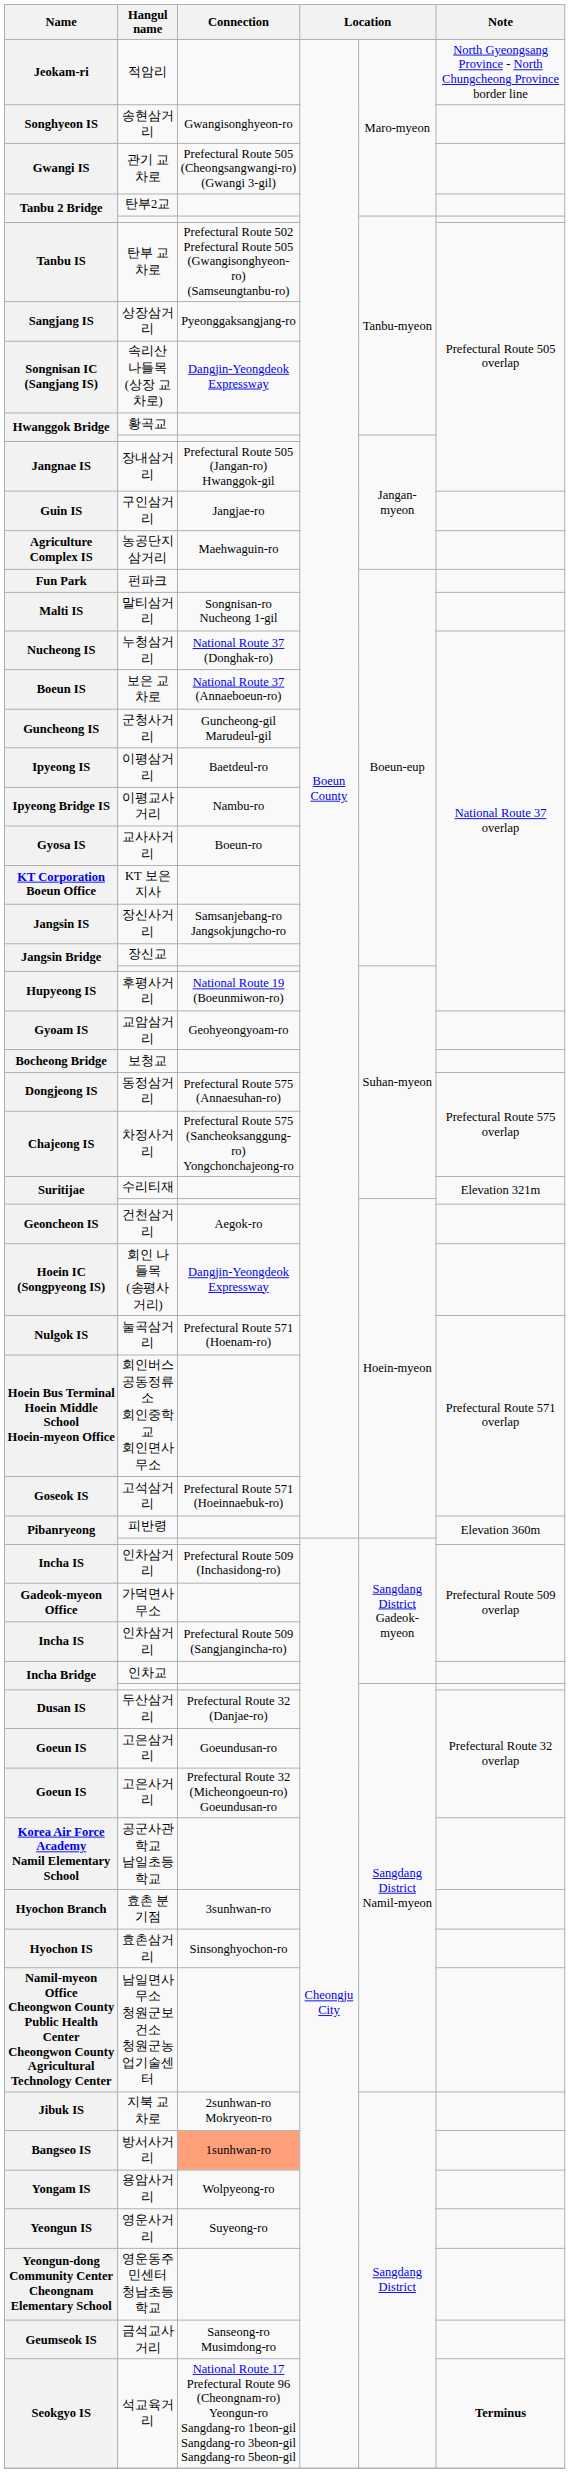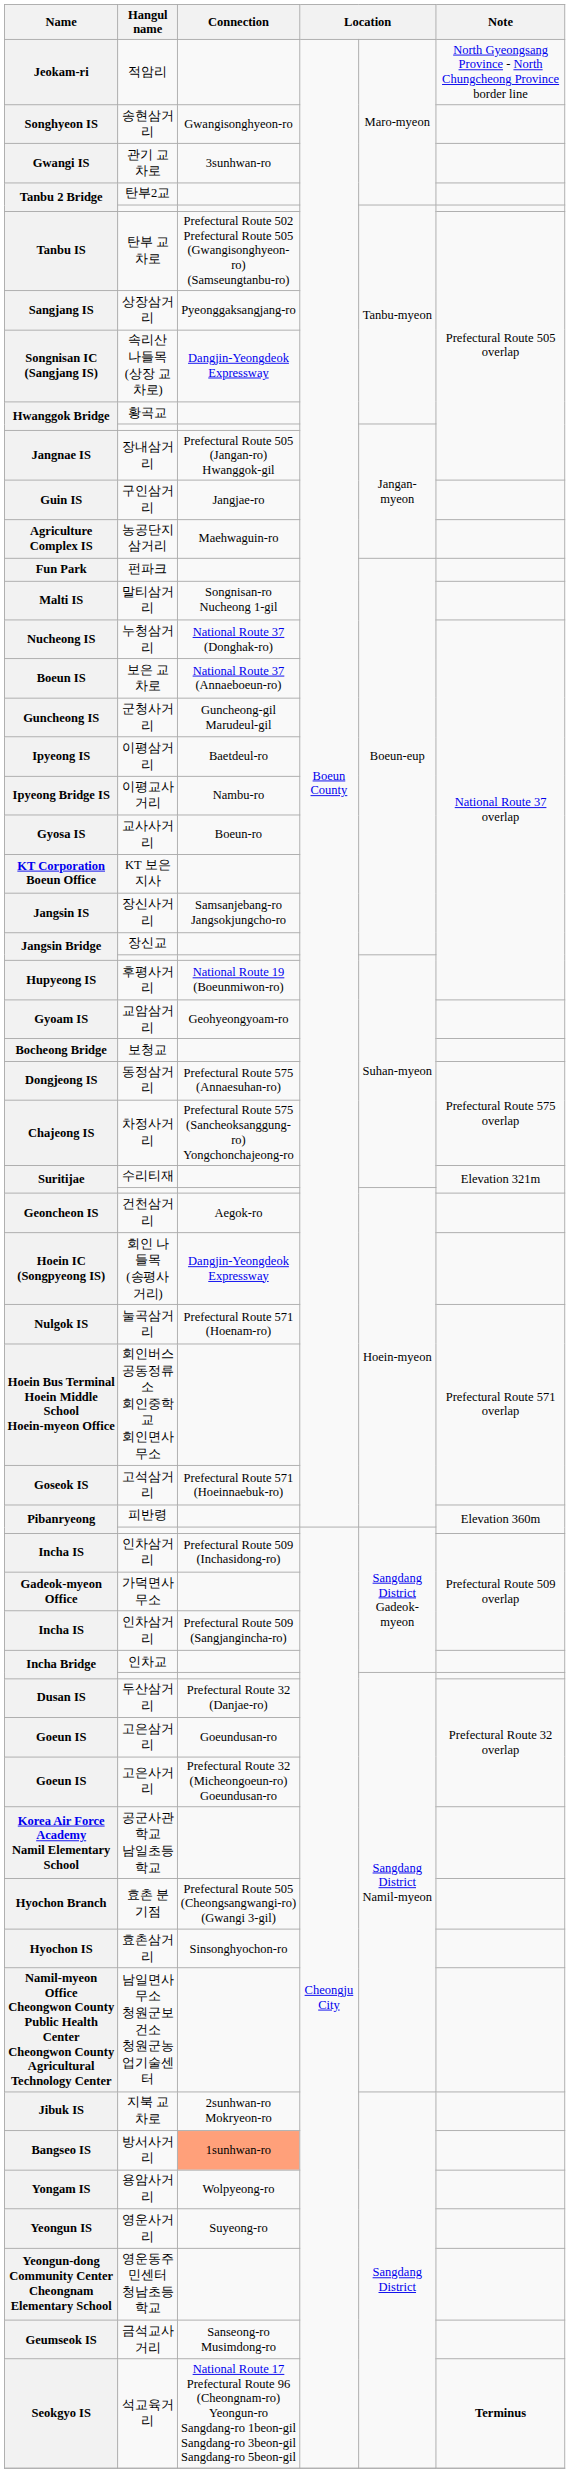 <table class="wikitable" style="font-size: 85%; text-align: center;">
 <tr>
 <th>Name </th>
 <th>Hangul name</th>
 <th>Connection</th>
 <th colspan="2">Location</th>
 <th>Note</th>
 </tr>
 <tr>
 <th>Jeokam-ri</th>
 <td>적암리</td>
 <td></td>
 <td rowspan=38><a href='#'>Boeun County</a></td>
 <td rowspan=4>Maro-myeon</td>
 <td><a href='#'>North Gyeongsang Province</a> - <a href='#'>North Chungcheong Province</a> border line</td>
 </tr>
 <tr>
 <th>Songhyeon IS</th>
 <td>송현삼거리</td>
 <td>Gwangisonghyeon-ro</td>
 <td></td>
 </tr>
 <tr>
 <th>Gwangi IS</th>
 <td>관기 교차로</td>
-<td>Prefectural Route 505<br>(Cheongsangwangi-ro)<br>(Gwangi 3-gil)</td>
+<td>3sunhwan-ro</td>
 <td></td>
 </tr>
 <tr>
 <th rowspan=2>Tanbu 2 Bridge</th>
 <td>탄부2교</td>
 <td></td>
 <td></td>
 </tr>
 <tr>
 <td></td>
 <td></td>
 <td rowspan=5>Tanbu-myeon</td>
 <td></td>
 </tr>
 <tr>
 <th>Tanbu IS</th>
 <td>탄부 교차로</td>
 <td>Prefectural Route 502<br>Prefectural Route 505<br>(Gwangisonghyeon-ro)<br>(Samseungtanbu-ro)</td>
 <td rowspan=6>Prefectural Route 505 overlap</td>
 </tr>
 <tr>
 <th>Sangjang IS</th>
 <td>상장삼거리</td>
 <td>Pyeonggaksangjang-ro</td>
 </tr>
 <tr>
 <th>Songnisan IC<br>(Sangjang IS)</th>
 <td>속리산 나들목<br>(상장 교차로)</td>
 <td><a href='#'>Dangjin-Yeongdeok Expressway</a></td>
 </tr>
 <tr>
 <th rowspan=2>Hwanggok Bridge</th>
 <td>황곡교</td>
 <td></td>
 </tr>
 <tr>
 <td></td>
 <td></td>
 <td rowspan=4>Jangan-myeon</td>
 </tr>
 <tr>
 <th>Jangnae IS</th>
 <td>장내삼거리</td>
 <td>Prefectural Route 505<br>(Jangan-ro)<br>Hwanggok-gil</td>
 </tr>
 <tr>
 <th>Guin IS</th>
 <td>구인삼거리</td>
 <td>Jangjae-ro</td>
 <td></td>
 </tr>
 <tr>
 <th>Agriculture Complex IS</th>
 <td>농공단지삼거리</td>
 <td>Maehwaguin-ro</td>
 <td></td>
 </tr>
 <tr>
 <th>Fun Park</th>
 <td>펀파크</td>
 <td></td>
 <td rowspan=11>Boeun-eup</td>
 <td></td>
 </tr>
 <tr>
 <th>Malti IS</th>
 <td>말티삼거리</td>
 <td>Songnisan-ro<br>Nucheong 1-gil</td>
 <td></td>
 </tr>
 <tr>
 <th>Nucheong IS</th>
 <td>누청삼거리</td>
 <td><a href='#'>National Route 37</a><br>(Donghak-ro)</td>
 <td rowspan=11><a href='#'>National Route 37</a> overlap</td>
 </tr>
 <tr>
 <th>Boeun IS</th>
 <td>보은 교차로</td>
 <td><a href='#'>National Route 37</a><br>(Annaeboeun-ro)</td>
 </tr>
 <tr>
 <th>Guncheong IS</th>
 <td>군청사거리</td>
 <td>Guncheong-gil<br>Marudeul-gil</td>
 </tr>
 <tr>
 <th>Ipyeong IS</th>
 <td>이평삼거리</td>
 <td>Baetdeul-ro</td>
 </tr>
 <tr>
 <th>Ipyeong Bridge IS</th>
 <td>이평교사거리</td>
 <td>Nambu-ro</td>
 </tr>
 <tr>
 <th>Gyosa IS</th>
 <td>교사사거리</td>
 <td>Boeun-ro</td>
 </tr>
 <tr>
 <th><a href='#'>KT Corporation</a> Boeun Office</th>
 <td>KT 보은지사</td>
 <td></td>
 </tr>
 <tr>
 <th>Jangsin IS</th>
 <td>장신사거리</td>
 <td>Samsanjebang-ro<br>Jangsokjungcho-ro</td>
 </tr>
 <tr>
 <th rowspan=2>Jangsin Bridge</th>
 <td>장신교</td>
 <td></td>
 </tr>
 <tr>
 <td></td>
 <td></td>
 <td rowspan=7>Suhan-myeon</td>
 </tr>
 <tr>
 <th>Hupyeong IS</th>
 <td>후평사거리</td>
 <td><a href='#'>National Route 19</a><br>(Boeunmiwon-ro)</td>
 </tr>
 <tr>
 <th>Gyoam IS</th>
 <td>교암삼거리</td>
 <td>Geohyeongyoam-ro</td>
 <td></td>
 </tr>
 <tr>
 <th>Bocheong Bridge</th>
 <td>보청교</td>
 <td></td>
 <td></td>
 </tr>
 <tr>
 <th>Dongjeong IS</th>
 <td>동정삼거리</td>
 <td>Prefectural Route 575<br>(Annaesuhan-ro)</td>
 <td rowspan=2>Prefectural Route 575 overlap</td>
 </tr>
 <tr>
 <th>Chajeong IS</th>
 <td>차정사거리</td>
 <td>Prefectural Route 575<br>(Sancheoksanggung-ro)<br>Yongchonchajeong-ro</td>
 </tr>
 <tr>
 <th rowspan=2>Suritijae</th>
 <td>수리티재</td>
 <td></td>
 <td rowspan=2>Elevation 321m</td>
 </tr>
 <tr>
 <td></td>
 <td></td>
 <td rowspan=7>Hoein-myeon</td>
 </tr>
 <tr>
 <th>Geoncheon IS</th>
 <td>건천삼거리</td>
 <td>Aegok-ro</td>
 <td></td>
 </tr>
 <tr>
 <th>Hoein IC<br>(Songpyeong IS)</th>
 <td>회인 나들목<br>(송평사거리)</td>
 <td><a href='#'>Dangjin-Yeongdeok Expressway</a></td>
 <td></td>
 </tr>
 <tr>
 <th>Nulgok IS</th>
 <td>눌곡삼거리</td>
 <td>Prefectural Route 571<br>(Hoenam-ro)</td>
 <td rowspan=3>Prefectural Route 571 overlap</td>
 </tr>
 <tr>
 <th>Hoein Bus Terminal<br>Hoein Middle School<br>Hoein-myeon Office</th>
 <td>회인버스공동정류소<br>회인중학교<br>회인면사무소</td>
 <td></td>
 </tr>
 <tr>
 <th>Goseok IS</th>
 <td>고석삼거리</td>
 <td>Prefectural Route 571<br>(Hoeinnaebuk-ro)</td>
 </tr>
 <tr>
 <th rowspan=2>Pibanryeong</th>
 <td>피반령</td>
 <td></td>
 <td rowspan=2>Elevation 360m</td>
 </tr>
 <tr>
 <td></td>
 <td></td>
 <td rowspan=20><a href='#'>Cheongju City</a></td>
 <td rowspan=5><a href='#'>Sangdang District</a> Gadeok-myeon</td>
 </tr>
 <tr>
 <th>Incha IS</th>
 <td>인차삼거리</td>
 <td>Prefectural Route 509<br>(Inchasidong-ro)</td>
 <td rowspan=3>Prefectural Route 509 overlap</td>
 </tr>
 <tr>
 <th>Gadeok-myeon Office</th>
 <td>가덕면사무소</td>
 <td></td>
 </tr>
 <tr>
 <th>Incha IS</th>
 <td>인차삼거리</td>
 <td>Prefectural Route 509<br>(Sangjangincha-ro)</td>
 </tr>
 <tr>
 <th rowspan=2>Incha Bridge</th>
 <td>인차교</td>
 <td></td>
 <td></td>
 </tr>
 <tr>
 <td></td>
 <td></td>
 <td rowspan=8><a href='#'>Sangdang District</a> Namil-myeon</td>
 <td></td>
 </tr>
 <tr>
 <th>Dusan IS</th>
 <td>두산삼거리</td>
 <td>Prefectural Route 32<br>(Danjae-ro)</td>
 <td rowspan=3>Prefectural Route 32 overlap</td>
 </tr>
 <tr>
 <th>Goeun IS</th>
 <td>고은삼거리</td>
 <td>Goeundusan-ro</td>
 </tr>
 <tr>
 <th>Goeun IS</th>
 <td>고은사거리</td>
 <td>Prefectural Route 32<br>(Micheongoeun-ro)<br>Goeundusan-ro</td>
 </tr>
 <tr>
 <th><a href='#'>Korea Air Force Academy</a><br>Namil Elementary School</th>
 <td>공군사관학교<br>남일초등학교</td>
 <td></td>
 <td></td>
 </tr>
 <tr>
 <th>Hyochon Branch</th>
 <td>효촌 분기점</td>
-<td>3sunhwan-ro</td>
+<td>Prefectural Route 505<br>(Cheongsangwangi-ro)<br>(Gwangi 3-gil)</td>
 <td></td>
 </tr>
 <tr>
 <th>Hyochon IS</th>
 <td>효촌삼거리</td>
 <td>Sinsonghyochon-ro</td>
 <td></td>
 </tr>
 <tr>
 <th>Namil-myeon Office<br>Cheongwon County Public Health Center<br>Cheongwon County Agricultural Technology Center</th>
 <td>남일면사무소<br>청원군보건소<br>청원군농업기술센터</td>
 <td></td>
 <td></td>
 </tr>
 <tr>
 <th>Jibuk IS</th>
 <td>지북 교차로</td>
 <td>2sunhwan-ro<br>Mokryeon-ro</td>
 <td rowspan=7><a href='#'>Sangdang District</a></td>
 <td></td>
 </tr>
 <tr>
 <th>Bangseo IS</th>
 <td>방서사거리</td>
 <td style="background: lightsalmon;">1sunhwan-ro</td>
 <td></td>
 </tr>
 <tr>
 <th>Yongam IS</th>
 <td>용암사거리</td>
 <td>Wolpyeong-ro</td>
 <td></td>
 </tr>
 <tr>
 <th>Yeongun IS</th>
 <td>영운사거리</td>
 <td>Suyeong-ro</td>
 <td></td>
 </tr>
 <tr>
 <th>Yeongun-dong Community Center<br>Cheongnam Elementary School</th>
 <td>영운동주민센터<br>청남초등학교</td>
 <td></td>
 <td></td>
 </tr>
 <tr>
 <th>Geumseok IS</th>
 <td>금석교사거리</td>
 <td>Sanseong-ro<br>Musimdong-ro</td>
 <td></td>
 </tr>
 <tr>
 <th>Seokgyo IS</th>
 <td>석교육거리</td>
 <td><a href='#'>National Route 17</a><br>Prefectural Route 96<br>(Cheongnam-ro)<br>Yeongun-ro<br>Sangdang-ro 1beon-gil<br>Sangdang-ro 3beon-gil<br>Sangdang-ro 5beon-gil</td>
 <td><strong>Terminus</strong></td>
 </tr>
 <tr>
 </tr>
 </table>
